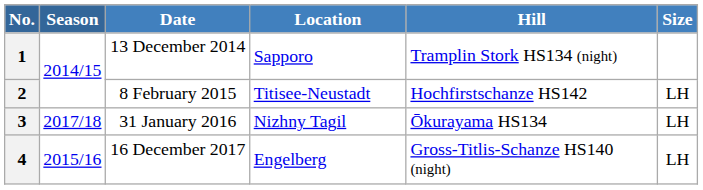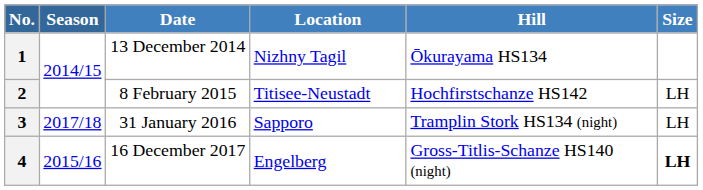 <table class="wikitable sortable" style="font-size:86%; line-height:15px; text-align:left; border:grey solid 1px; border-collapse:collapse; background:#ffffff;">
 <tr style="background:#efefef;">
 <th style="background-color:#369; color:white; width:10px;">No.</th>
 <th style="background-color:#369; color:white;  width:30px;">Season</th>
 <th style="background-color:#4180be; color:white; width:105px;">Date</th>
 <th style="background-color:#4180be; color:white; width:115px;">Location</th>
 <th style="background-color:#4180be; color:white; width:188px;">Hill</th>
 <th style="background-color:#4180be; color:white; width:25px;">Size</th>
 </tr>
 <tr>
 <th scope=row style="text-align:center;">1</th>
 <td rowspan=2 align=center><a href='#'>2014/15</a></td>
 <td align=right>13 December 2014  </td>
-<td> <a href='#'>Sapporo</a></td>
-<td><a href='#'>Tramplin Stork</a> HS134 <small>(night)</small></td>
+<td> <a href='#'>Nizhny Tagil</a></td>
+<td><a href='#'>Ōkurayama</a> HS134</td>
 <td align=center></td>
 </tr>
 <tr>
 <th scope=row style="text-align:center;">2</th>
 <td align=right>8 February 2015  </td>
 <td> <a href='#'>Titisee-Neustadt</a></td>
 <td><a href='#'>Hochfirstschanze</a> HS142</td>
 <td align=center>LH</td>
 </tr>
 <tr>
 <th scope=row style="text-align:center;">3</th>
 <td align=center><a href='#'>2017/18</a></td>
 <td align=right>31 January 2016  </td>
-<td> <a href='#'>Nizhny Tagil</a></td>
-<td><a href='#'>Ōkurayama</a> HS134</td>
+<td> <a href='#'>Sapporo</a></td>
+<td><a href='#'>Tramplin Stork</a> HS134 <small>(night)</small></td>
 <td align=center>LH</td>
 </tr>
 <tr>
 <th scope=row style="text-align:center;">4</th>
 <td align=center><a href='#'>2015/16</a></td>
 <td align=right>16 December 2017  </td>
 <td> <a href='#'>Engelberg</a></td>
 <td><a href='#'>Gross-Titlis-Schanze</a> HS140 <small>(night)</small></td>
-<td align=center>LH</td>
+<td align=center><strong>LH</strong></td>
 </tr>
 </table>
